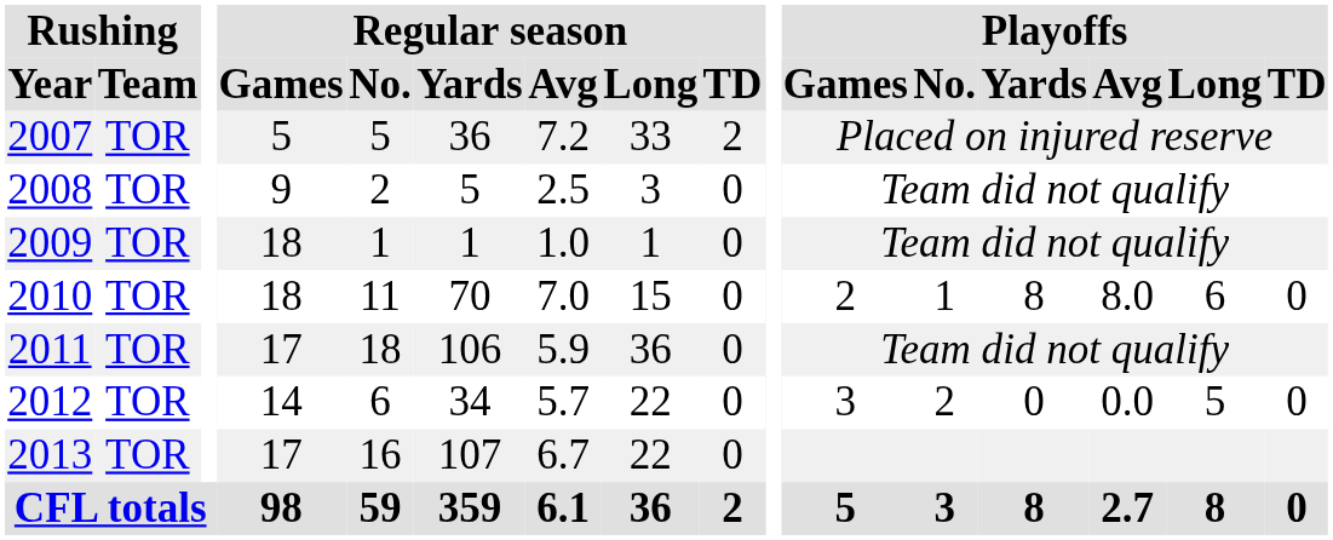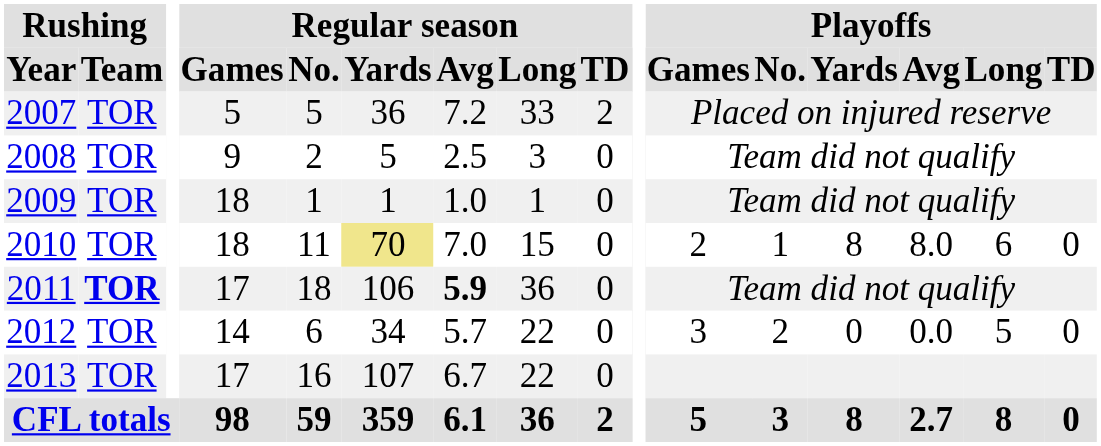 <table BORDER="0" CELLPADDING="1" CELLSPACING="0" width="65%" style="text-align:center">
 <tr bgcolor="#e0e0e0">
 <th colspan="2">Rushing</th>
 <th rowspan="99" bgcolor="#ffffff"> </th>
 <th colspan="6">Regular season</th>
 <th rowspan="99" bgcolor="#ffffff"> </th>
 <th colspan="6">Playoffs</th>
 </tr>
 <tr bgcolor="#e0e0e0">
 <th>Year</th>
 <th>Team</th>
 <th>Games</th>
 <th>No.</th>
 <th>Yards</th>
 <th>Avg</th>
 <th>Long</th>
 <th>TD</th>
 <th>Games</th>
 <th>No.</th>
 <th>Yards</th>
 <th>Avg</th>
 <th>Long</th>
 <th>TD</th>
 </tr>
 <tr ALIGN="center" bgcolor="#f0f0f0">
 <td><a href='#'>2007</a></td>
 <td><a href='#'>TOR</a></td>
 <td>5</td>
 <td>5</td>
 <td>36</td>
 <td>7.2</td>
 <td>33</td>
 <td>2</td>
 <td colspan="6"><em>Placed on injured reserve</em></td>
 </tr>
 <tr ALIGN="center">
 <td><a href='#'>2008</a></td>
 <td><a href='#'>TOR</a></td>
 <td>9</td>
 <td>2</td>
 <td>5</td>
 <td>2.5</td>
 <td>3</td>
 <td>0</td>
 <td colspan="6"><em>Team did not qualify</em></td>
 </tr>
 <tr ALIGN="center" bgcolor="#f0f0f0">
 <td><a href='#'>2009</a></td>
 <td><a href='#'>TOR</a></td>
 <td>18</td>
 <td>1</td>
 <td>1</td>
 <td>1.0</td>
 <td>1</td>
 <td>0</td>
 <td colspan="6"><em>Team did not qualify</em></td>
 </tr>
 <tr ALIGN="center">
 <td><a href='#'>2010</a></td>
 <td><a href='#'>TOR</a></td>
 <td>18</td>
 <td>11</td>
-<td>70</td>
+<td style="background: khaki;">70</td>
 <td>7.0</td>
 <td>15</td>
 <td>0</td>
 <td>2</td>
 <td>1</td>
 <td>8</td>
 <td>8.0</td>
 <td>6</td>
 <td>0</td>
 </tr>
 <tr ALIGN="center" bgcolor="#f0f0f0">
 <td><a href='#'>2011</a></td>
-<td><a href='#'>TOR</a></td>
+<td><strong><a href='#'>TOR</a></strong></td>
 <td>17</td>
 <td>18</td>
 <td>106</td>
-<td>5.9</td>
+<td><strong>5.9</strong></td>
 <td>36</td>
 <td>0</td>
 <td colspan="6"><em>Team did not qualify</em></td>
 </tr>
 <tr ALIGN="center">
 <td><a href='#'>2012</a></td>
 <td><a href='#'>TOR</a></td>
 <td>14</td>
 <td>6</td>
 <td>34</td>
 <td>5.7</td>
 <td>22</td>
 <td>0</td>
 <td>3</td>
 <td>2</td>
 <td>0</td>
 <td>0.0</td>
 <td>5</td>
 <td>0</td>
 </tr>
 <tr ALIGN="center" bgcolor="#f0f0f0">
 <td><a href='#'>2013</a></td>
 <td><a href='#'>TOR</a></td>
 <td>17</td>
 <td>16</td>
 <td>107</td>
 <td>6.7</td>
 <td>22</td>
 <td>0</td>
 <td></td>
 <td></td>
 <td></td>
 <td></td>
 <td></td>
 <td></td>
 </tr>
 <tr bgcolor="#e0e0e0">
 <th colspan="3"><a href='#'>CFL totals</a></th>
 <th>98</th>
 <th>59</th>
 <th>359</th>
 <th>6.1</th>
 <th>36</th>
 <th>2</th>
 <th>5</th>
 <th>3</th>
 <th>8</th>
 <th>2.7</th>
 <th>8</th>
 <th>0</th>
 </tr>
 </table>
